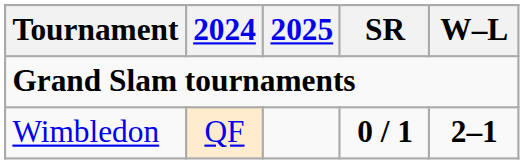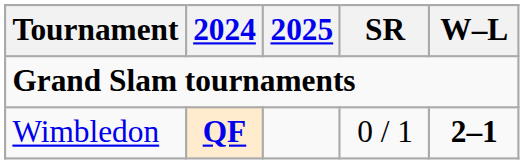 <table class="wikitable nowrap" style=text-align:center;font-size:92%>
 <tr>
 <th>Tournament</th>
 <th><a href='#'>2024</a></th>
 <th><a href='#'>2025</a></th>
 <th width=35>SR</th>
 <th width=35>W–L</th>
 </tr>
 <tr>
 <td colspan=5 align=left><strong>Grand Slam tournaments</strong></td>
 </tr>
 <tr>
 <td align=left><a href='#'>Wimbledon</a></td>
-<td bgcolor=ffebcd><a href='#'>QF</a></td>
+<td bgcolor=ffebcd><strong><a href='#'>QF</a></strong></td>
 <td></td>
-<td><strong>0 / 1</strong></td>
+<td>0 / 1</td>
 <td><strong>2–1</strong></td>
 </tr>
 </table>
